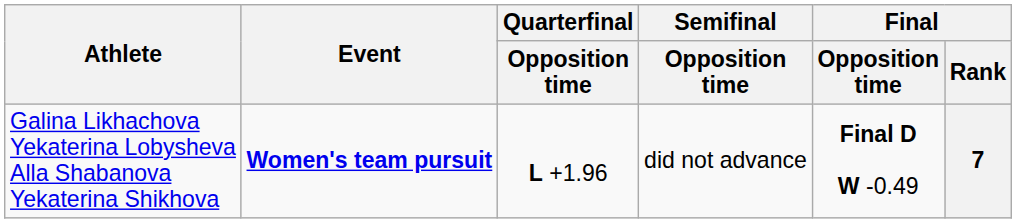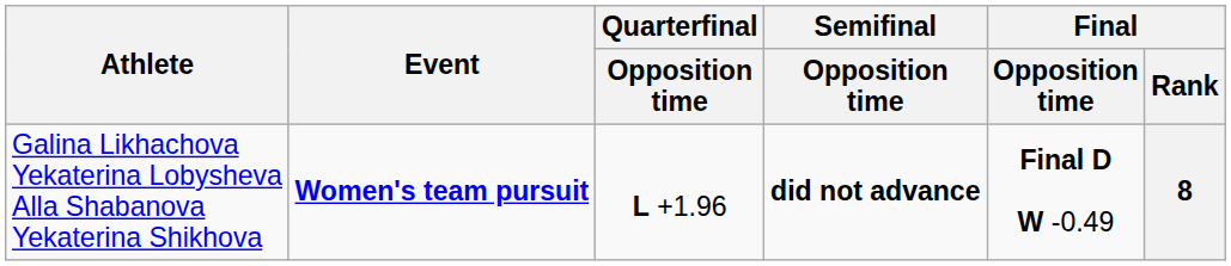 <table class="wikitable">
 <tr>
 <th rowspan="2">Athlete</th>
 <th rowspan="2">Event</th>
 <th>Quarterfinal</th>
 <th>Semifinal</th>
 <th colspan="2">Final</th>
 </tr>
 <tr>
 <th>Opposition <br> time</th>
 <th>Opposition <br> time</th>
 <th>Opposition <br> time</th>
 <th>Rank</th>
 </tr>
 <tr>
 <td><a href='#'>Galina Likhachova</a><br><a href='#'>Yekaterina Lobysheva</a><br><a href='#'>Alla Shabanova</a><br><a href='#'>Yekaterina Shikhova</a></td>
 <td><strong><a href='#'>Women's team pursuit</a></strong></td>
 <td align="center"><br><strong>L</strong> +1.96</td>
-<td align="center" colspan=1>did not advance</td>
+<td align="center" colspan=1><strong>did not advance</strong></td>
 <td align="center"><strong>Final D</strong><br><br><strong>W</strong> -0.49</td>
-<th align="center">7</th>
+<th align="center">8</th>
 </tr>
 </table>
